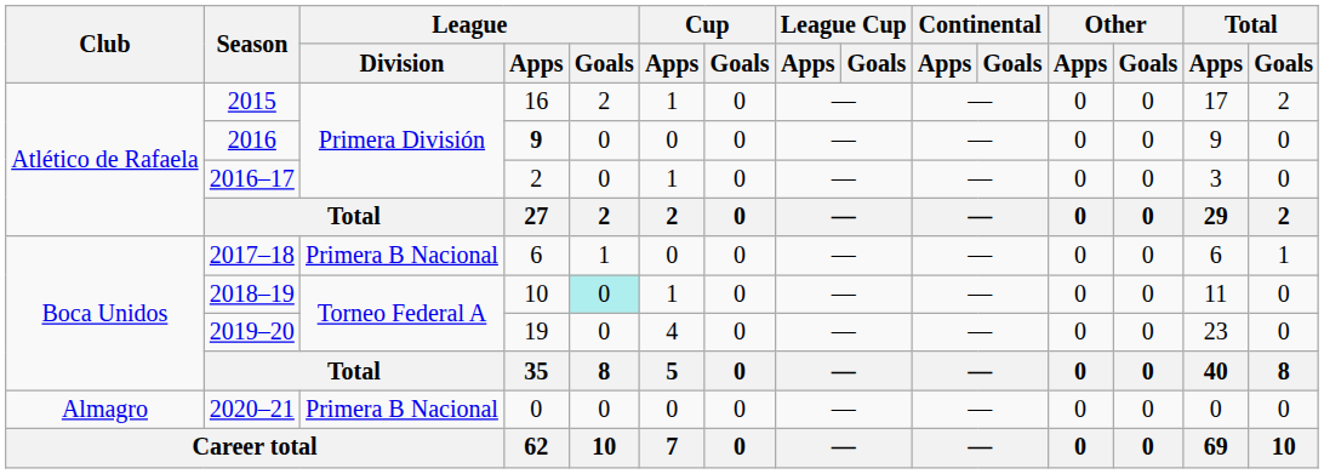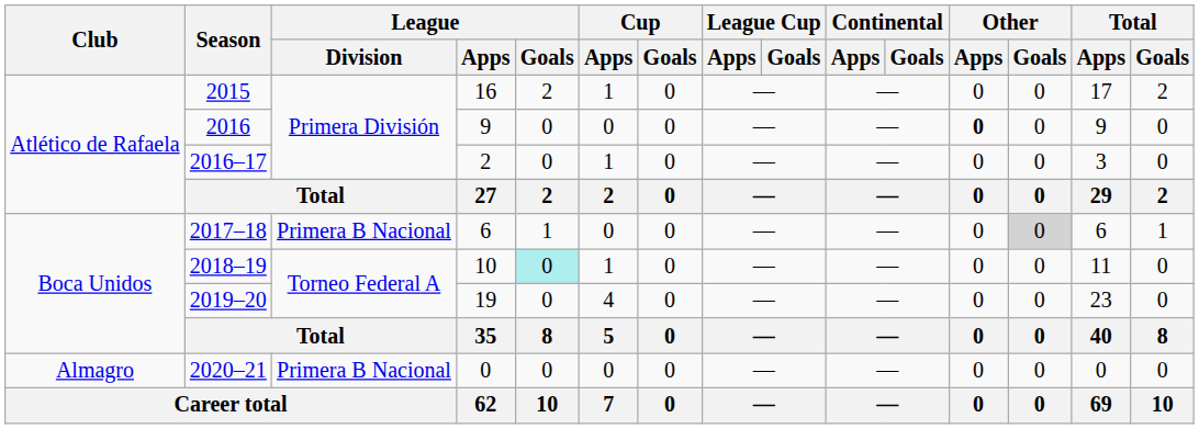 <table class="wikitable" style="text-align:center">
 <tr>
 <th rowspan="2">Club</th>
 <th rowspan="2">Season</th>
 <th colspan="3">League</th>
 <th colspan="2">Cup</th>
 <th colspan="2">League Cup</th>
 <th colspan="2">Continental</th>
 <th colspan="2">Other</th>
 <th colspan="2">Total</th>
 </tr>
 <tr>
 <th>Division</th>
 <th>Apps</th>
 <th>Goals</th>
 <th>Apps</th>
 <th>Goals</th>
 <th>Apps</th>
 <th>Goals</th>
 <th>Apps</th>
 <th>Goals</th>
 <th>Apps</th>
 <th>Goals</th>
 <th>Apps</th>
 <th>Goals</th>
 </tr>
 <tr>
 <td rowspan="4"><a href='#'>Atlético de Rafaela</a></td>
 <td><a href='#'>2015</a></td>
 <td rowspan="3"><a href='#'>Primera División</a></td>
 <td>16</td>
 <td>2</td>
 <td>1</td>
 <td>0</td>
 <td colspan="2">—</td>
 <td colspan="2">—</td>
 <td>0</td>
 <td>0</td>
 <td>17</td>
 <td>2</td>
 </tr>
 <tr>
 <td><a href='#'>2016</a></td>
-<td><strong>9</strong></td>
+<td>9</td>
 <td>0</td>
 <td>0</td>
 <td>0</td>
 <td colspan="2">—</td>
 <td colspan="2">—</td>
-<td>0</td>
+<td><strong>0</strong></td>
 <td>0</td>
 <td>9</td>
 <td>0</td>
 </tr>
 <tr>
 <td><a href='#'>2016–17</a></td>
 <td>2</td>
 <td>0</td>
 <td>1</td>
 <td>0</td>
 <td colspan="2">—</td>
 <td colspan="2">—</td>
 <td>0</td>
 <td>0</td>
 <td>3</td>
 <td>0</td>
 </tr>
 <tr>
 <th colspan="2">Total</th>
 <th>27</th>
 <th>2</th>
 <th>2</th>
 <th>0</th>
 <th colspan="2">—</th>
 <th colspan="2">—</th>
 <th>0</th>
 <th>0</th>
 <th>29</th>
 <th>2</th>
 </tr>
 <tr>
 <td rowspan="4"><a href='#'>Boca Unidos</a></td>
 <td><a href='#'>2017–18</a></td>
 <td rowspan="1"><a href='#'>Primera B Nacional</a></td>
 <td>6</td>
 <td>1</td>
 <td>0</td>
 <td>0</td>
 <td colspan="2">—</td>
 <td colspan="2">—</td>
 <td>0</td>
-<td>0</td>
+<td style="background: lightgrey;">0</td>
 <td>6</td>
 <td>1</td>
 </tr>
 <tr>
 <td><a href='#'>2018–19</a></td>
 <td rowspan="2"><a href='#'>Torneo Federal A</a></td>
 <td>10</td>
 <td style="background: paleturquoise;">0</td>
 <td>1</td>
 <td>0</td>
 <td colspan="2">—</td>
 <td colspan="2">—</td>
 <td>0</td>
 <td>0</td>
 <td>11</td>
 <td>0</td>
 </tr>
 <tr>
 <td><a href='#'>2019–20</a></td>
 <td>19</td>
 <td>0</td>
 <td>4</td>
 <td>0</td>
 <td colspan="2">—</td>
 <td colspan="2">—</td>
 <td>0</td>
 <td>0</td>
 <td>23</td>
 <td>0</td>
 </tr>
 <tr>
 <th colspan="2">Total</th>
 <th>35</th>
 <th>8</th>
 <th>5</th>
 <th>0</th>
 <th colspan="2">—</th>
 <th colspan="2">—</th>
 <th>0</th>
 <th>0</th>
 <th>40</th>
 <th>8</th>
 </tr>
 <tr>
 <td rowspan="1"><a href='#'>Almagro</a></td>
 <td><a href='#'>2020–21</a></td>
 <td rowspan="1"><a href='#'>Primera B Nacional</a></td>
 <td>0</td>
 <td>0</td>
 <td>0</td>
 <td>0</td>
 <td colspan="2">—</td>
 <td colspan="2">—</td>
 <td>0</td>
 <td>0</td>
 <td>0</td>
 <td>0</td>
 </tr>
 <tr>
 <th colspan="3">Career total</th>
 <th>62</th>
 <th>10</th>
 <th>7</th>
 <th>0</th>
 <th colspan="2">—</th>
 <th colspan="2">—</th>
 <th>0</th>
 <th>0</th>
 <th>69</th>
 <th>10</th>
 </tr>
 </table>
